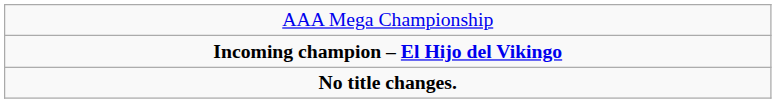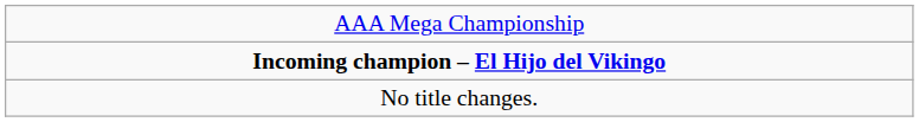 <table class="wikitable" style="text-align:center; width:100%;">
 <tr>
 <td style="text-align: center;"><a href='#'>AAA Mega Championship</a></td>
 </tr>
 <tr>
 <td style="text-align: center;"><strong>Incoming champion – <a href='#'>El Hijo del Vikingo</a></strong></td>
 </tr>
 <tr>
-<td><strong>No title changes.</strong></td>
+<td>No title changes.</td>
 </tr>
 </table>
